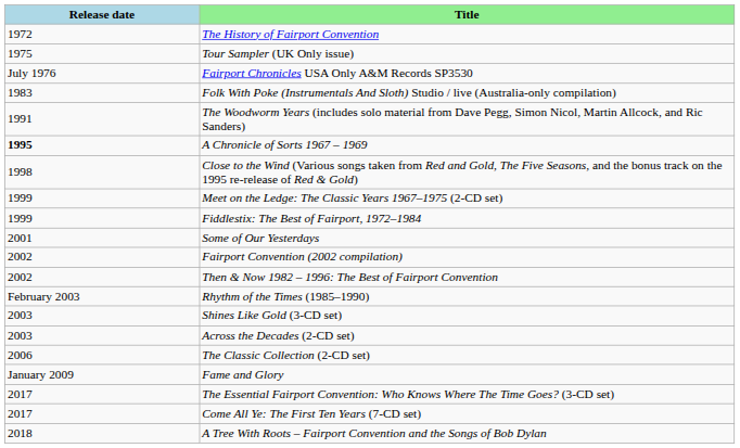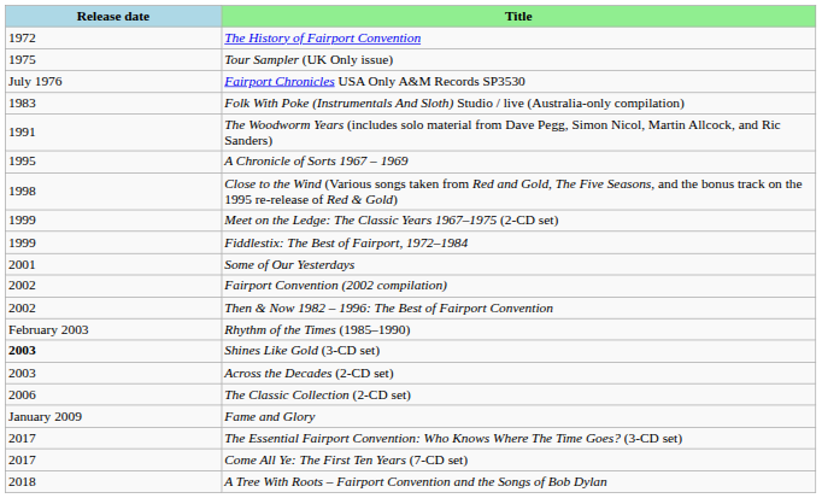 <table class="wikitable" style="width:75%; font-size:1em;">
 <tr>
 <th style="background-color: LightBlue; color: Black; font-weight: bold; text-align: center; width:20%">Release date</th>
 <th style="background-color: LightGreen; color: Black; font-weight: bold; text-align: center; width:55%">Title</th>
 </tr>
 <tr>
 <td>1972</td>
 <td><em><a href='#'>The History of Fairport Convention</a></em></td>
 </tr>
 <tr>
 <td>1975</td>
 <td><em>Tour Sampler</em> (UK Only issue)</td>
 </tr>
 <tr>
 <td>July 1976</td>
 <td><em><a href='#'>Fairport Chronicles</a></em> USA Only A&M Records SP3530</td>
 </tr>
 <tr>
 <td>1983</td>
 <td><em>Folk With Poke (Instrumentals And Sloth)</em> Studio / live (Australia-only compilation)</td>
 </tr>
 <tr>
 <td>1991</td>
 <td><em>The Woodworm Years</em> (includes solo material from Dave Pegg, Simon Nicol, Martin Allcock, and Ric Sanders)</td>
 </tr>
 <tr>
-<td><strong>1995</strong></td>
+<td>1995</td>
 <td><em>A Chronicle of Sorts 1967 – 1969</em></td>
 </tr>
 <tr>
 <td>1998</td>
 <td><em>Close to the Wind</em> (Various songs taken from <em>Red and Gold</em>, <em>The Five Seasons</em>, and the bonus track on the 1995 re-release of <em>Red & Gold</em>)</td>
 </tr>
 <tr>
 <td>1999</td>
 <td><em>Meet on the Ledge: The Classic Years 1967–1975</em> (2-CD set)</td>
 </tr>
 <tr>
 <td>1999</td>
 <td><em>Fiddlestix: The Best of Fairport, 1972–1984</em></td>
 </tr>
 <tr>
 <td>2001</td>
 <td><em>Some of Our Yesterdays</em></td>
 </tr>
 <tr>
 <td>2002</td>
 <td><em>Fairport Convention (2002 compilation)</em></td>
 </tr>
 <tr>
 <td>2002</td>
 <td><em>Then & Now 1982 – 1996: The Best of Fairport Convention</em></td>
 </tr>
 <tr>
 <td>February 2003</td>
 <td><em>Rhythm of the Times</em> (1985–1990)</td>
 </tr>
 <tr>
-<td>2003</td>
+<td><strong>2003</strong></td>
 <td><em>Shines Like Gold</em> (3-CD set)</td>
 </tr>
 <tr>
 <td>2003</td>
 <td><em>Across the Decades</em> (2-CD set)</td>
 </tr>
 <tr>
 <td>2006</td>
 <td><em>The Classic Collection</em> (2-CD set)</td>
 </tr>
 <tr>
 <td>January 2009</td>
 <td><em>Fame and Glory</em></td>
 </tr>
 <tr>
 <td>2017</td>
 <td><em>The Essential Fairport Convention: Who Knows Where The Time Goes?</em> (3-CD set)</td>
 </tr>
 <tr>
 <td>2017</td>
 <td><em>Come All Ye: The First Ten Years</em> (7-CD set)</td>
 </tr>
 <tr>
 <td>2018</td>
 <td><em>A Tree With Roots – Fairport Convention and the Songs of Bob Dylan</em></td>
 </tr>
 </table>
